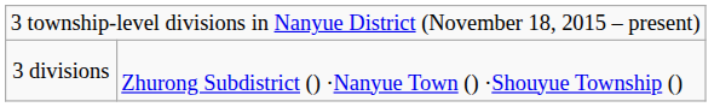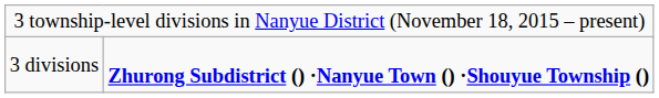 <table class="wikitable">
 <tr>
 <td style="text-align:center;" colspan="2">3 township-level divisions in <a href='#'>Nanyue District</a> (November 18, 2015 – present)</td>
 </tr>
 <tr align=left>
 <td align=center>3 divisions</td>
-<td><br><a href='#'>Zhurong Subdistrict</a> () ·<a href='#'>Nanyue Town</a> () ·<a href='#'>Shouyue Township</a> ()</td>
+<td><strong><br><a href='#'>Zhurong Subdistrict</a> () ·<a href='#'>Nanyue Town</a> () ·<a href='#'>Shouyue Township</a> ()</strong></td>
 </tr>
 </table>
